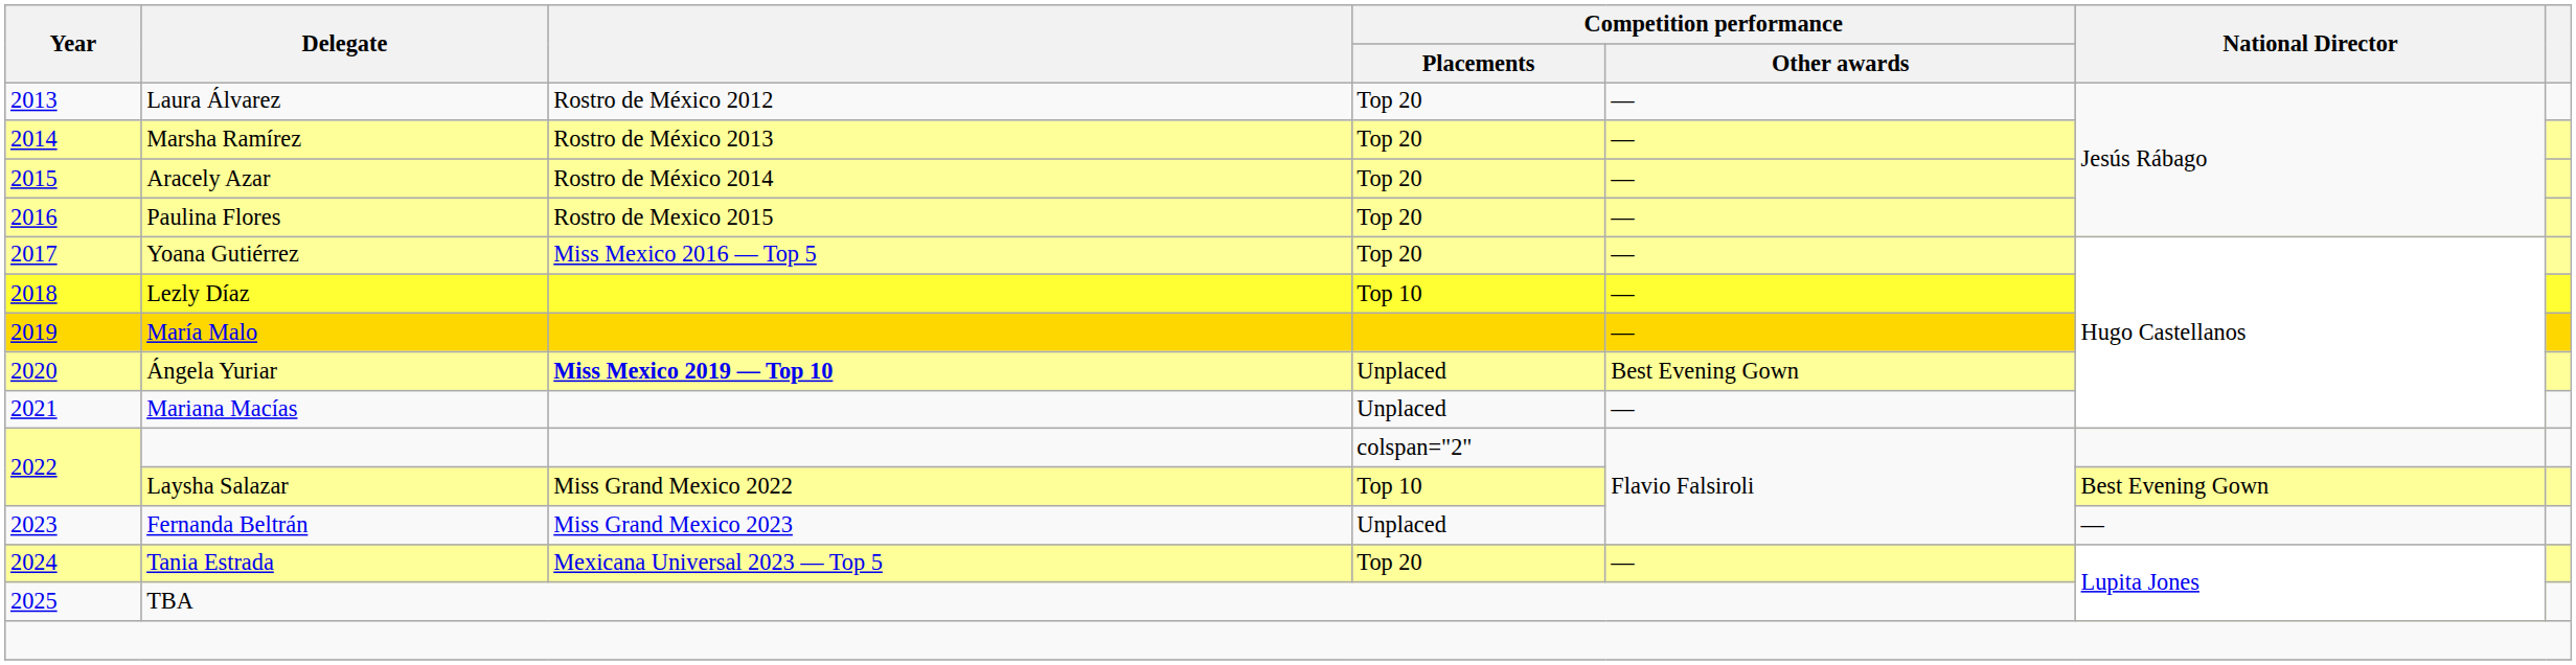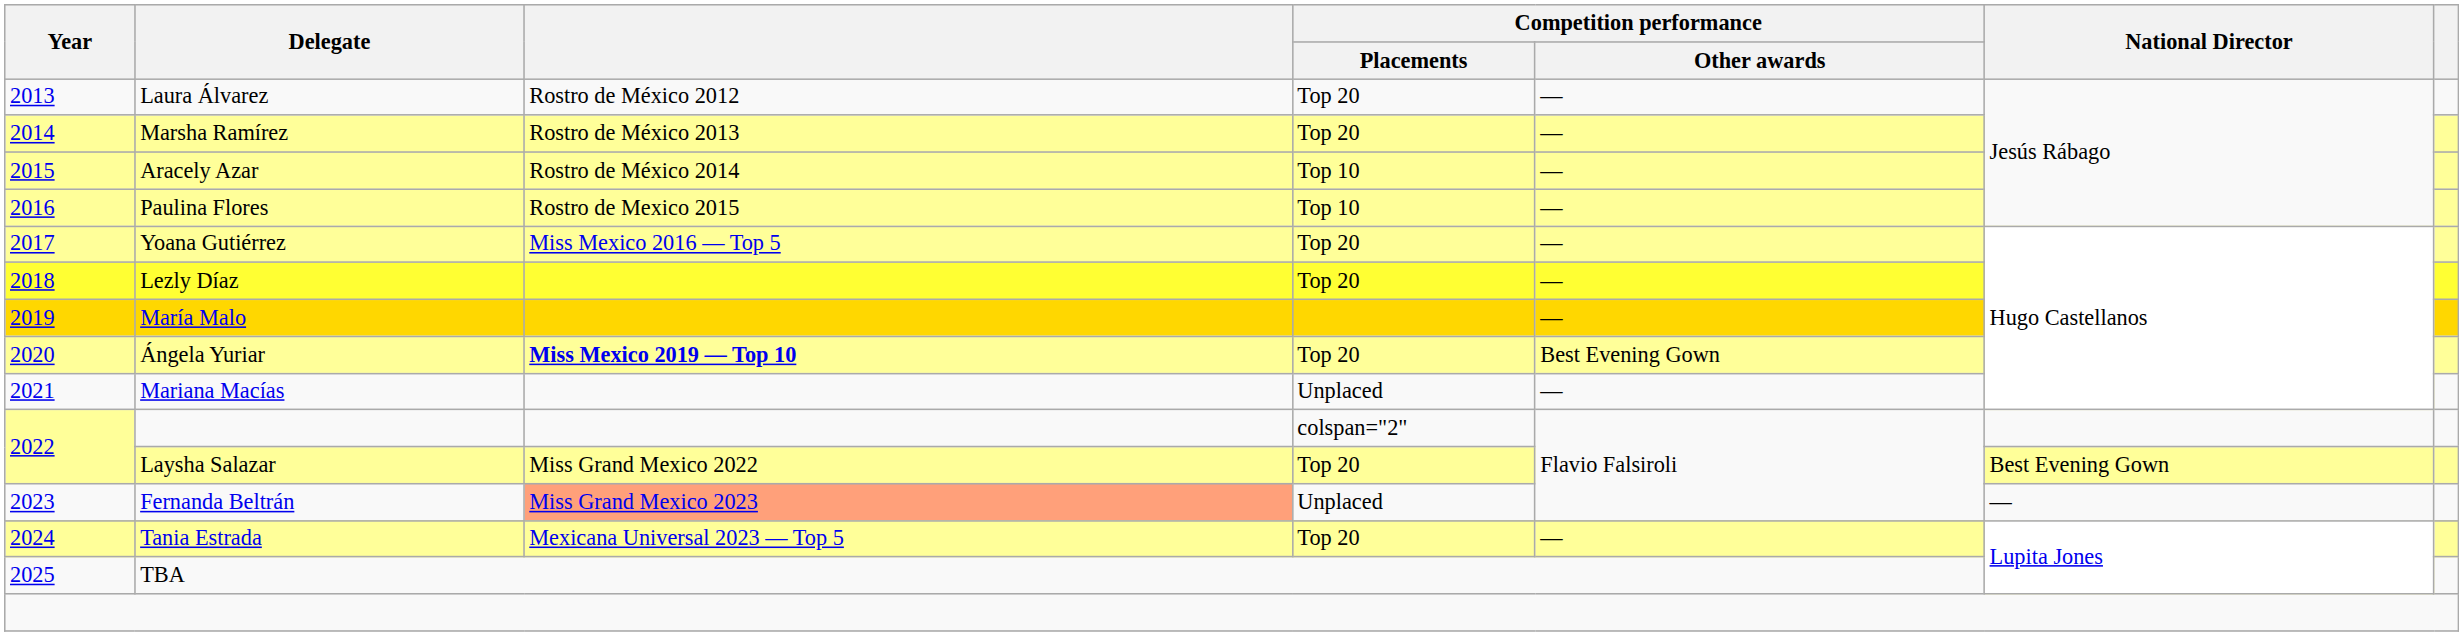 <table class="wikitable defaultcenter" style="font-size:90%; width:100%;">
 <tr>
 <th rowspan=2>Year</th>
 <th rowspan=2>Delegate</th>
 <th rowspan=2></th>
 <th colspan=2>Competition performance</th>
 <th rowspan=2>National Director</th>
 <th rowspan=2></th>
 </tr>
 <tr>
 <th width=150px>Placements</th>
 <th>Other awards</th>
 </tr>
 <tr>
 <td><a href='#'>2013</a></td>
 <td>Laura Álvarez</td>
 <td>Rostro de México 2012</td>
 <td>Top 20</td>
 <td>—</td>
 <td rowspan=4>Jesús Rábago</td>
 <td></td>
 </tr>
 <tr bgcolor=#FFFF99>
 <td><a href='#'>2014</a></td>
 <td>Marsha Ramírez</td>
 <td>Rostro de México 2013</td>
 <td>Top 20</td>
 <td>—</td>
 <td></td>
 </tr>
 <tr bgcolor=#FFFF99>
 <td><a href='#'>2015</a></td>
 <td>Aracely Azar</td>
 <td>Rostro de México 2014</td>
-<td>Top 20</td>
+<td>Top 10</td>
 <td>—</td>
 <td></td>
 </tr>
 <tr bgcolor=#FFFF99>
 <td><a href='#'>2016</a></td>
 <td>Paulina Flores</td>
 <td>Rostro de Mexico 2015</td>
-<td>Top 20</td>
+<td>Top 10</td>
 <td>—</td>
 <td></td>
 </tr>
 <tr bgcolor=#FFFF99>
 <td><a href='#'>2017</a></td>
 <td>Yoana Gutiérrez</td>
 <td><a href='#'>Miss Mexico 2016 — Top 5</a></td>
 <td>Top 20</td>
 <td>—</td>
 <td rowspan=5 bgcolor=white>Hugo Castellanos</td>
 <td></td>
 </tr>
 <tr bgcolor=#FFFF33>
 <td><a href='#'>2018</a></td>
 <td>Lezly Díaz</td>
 <td></td>
-<td>Top 10</td>
+<td>Top 20</td>
 <td>—</td>
 <td></td>
 </tr>
 <tr bgcolor=gold>
 <td><a href='#'>2019</a></td>
 <td><a href='#'>María Malo</a></td>
 <td></td>
 <td></td>
 <td>—</td>
 <td></td>
 </tr>
 <tr bgcolor=#FFFF99>
 <td><a href='#'>2020</a></td>
 <td>Ángela Yuriar</td>
 <td><strong><a href='#'>Miss Mexico 2019 — Top 10</a></strong></td>
-<td>Unplaced</td>
+<td>Top 20</td>
 <td>Best Evening Gown</td>
 <td></td>
 </tr>
 <tr>
 <td><a href='#'>2021</a></td>
 <td><a href='#'>Mariana Macías</a></td>
 <td></td>
 <td>Unplaced</td>
 <td>—</td>
 <td></td>
 </tr>
 <tr>
 <td rowspan="2" bgcolor=#FFFF99><a href='#'>2022</a></td>
 <td></td>
 <td></td>
 <td>colspan="2" </td>
 <td rowspan=3>Flavio Falsiroli</td>
 <td></td>
 </tr>
 <tr bgcolor=#FFFF99>
 <td>Laysha Salazar</td>
 <td>Miss Grand Mexico 2022</td>
-<td>Top 10</td>
+<td>Top 20</td>
 <td>Best Evening Gown</td>
 <td></td>
 </tr>
 <tr>
 <td><a href='#'>2023</a></td>
 <td><a href='#'>Fernanda Beltrán</a></td>
-<td><a href='#'>Miss Grand Mexico 2023</a></td>
+<td style="background: lightsalmon;"><a href='#'>Miss Grand Mexico 2023</a></td>
 <td>Unplaced</td>
 <td>—</td>
 <td></td>
 </tr>
 <tr bgcolor=#FFFF99>
 <td><a href='#'>2024</a></td>
 <td><a href='#'>Tania Estrada</a></td>
 <td><a href='#'>Mexicana Universal 2023 — Top 5</a></td>
 <td>Top 20</td>
 <td>—</td>
 <td rowspan=2 bgcolor=white><a href='#'>Lupita Jones</a></td>
 <td></td>
 </tr>
 <tr>
 <td><a href='#'>2025</a></td>
 <td colspan=4>TBA</td>
 <td></td>
 </tr>
 <tr>
 <td colspan="7" align=left><br></td>
 </tr>
 </table>
